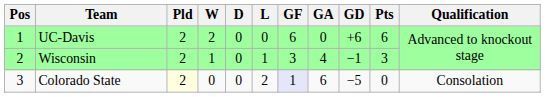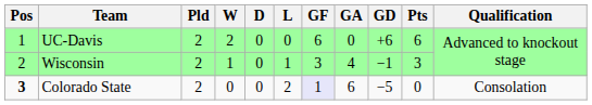 <table class="wikitable" style="text-align:center; margin: 1em auto">
 <tr>
 <th style=width:2em>Pos</th>
 <th style=width:13em>Team</th>
 <th style=width:2em>Pld</th>
 <th style=width:2em>W</th>
 <th style=width:2em>D</th>
 <th style=width:2em>L</th>
 <th style=width:2em>GF</th>
 <th style=width:2em>GA</th>
 <th style=width:2em>GD</th>
 <th style=width:2em>Pts</th>
 <th style=width:13em>Qualification</th>
 </tr>
 <tr bgcolor="#9eff9e">
 <td>1</td>
 <td style="text-align:left">UC-Davis</td>
 <td>2</td>
 <td>2</td>
 <td>0</td>
 <td>0</td>
 <td>6</td>
 <td>0</td>
 <td>+6</td>
 <td>6</td>
 <td rowspan="2">Advanced to knockout stage</td>
 </tr>
 <tr bgcolor="#9eff9e">
 <td>2</td>
 <td style="text-align:left">Wisconsin</td>
 <td>2</td>
 <td>1</td>
 <td>0</td>
 <td>1</td>
 <td>3</td>
 <td>4</td>
 <td>−1</td>
 <td>3</td>
 </tr>
 <tr>
-<td>3</td>
+<td><strong>3</strong></td>
 <td style="text-align:left">Colorado State</td>
-<td style="background: lightyellow;">2</td>
+<td>2</td>
 <td>0</td>
 <td>0</td>
 <td>2</td>
 <td style="background: lavender;">1</td>
 <td>6</td>
 <td>−5</td>
 <td>0</td>
 <td>Consolation</td>
 </tr>
 </table>
